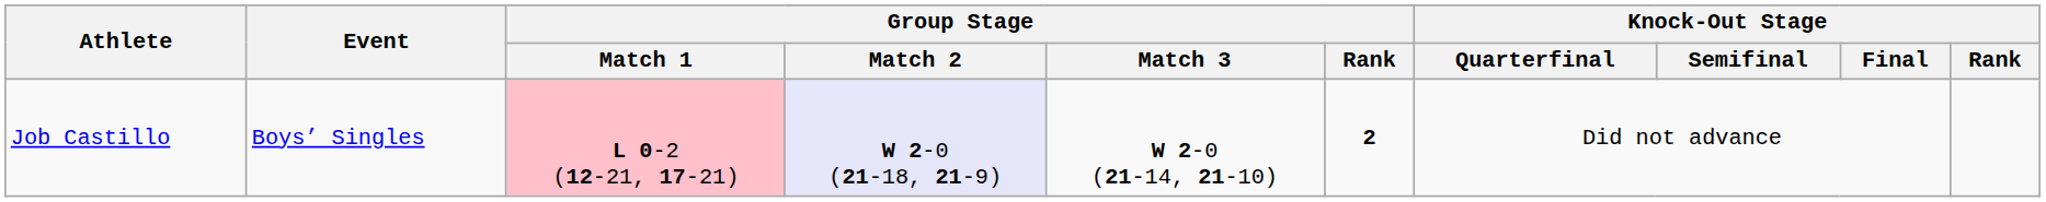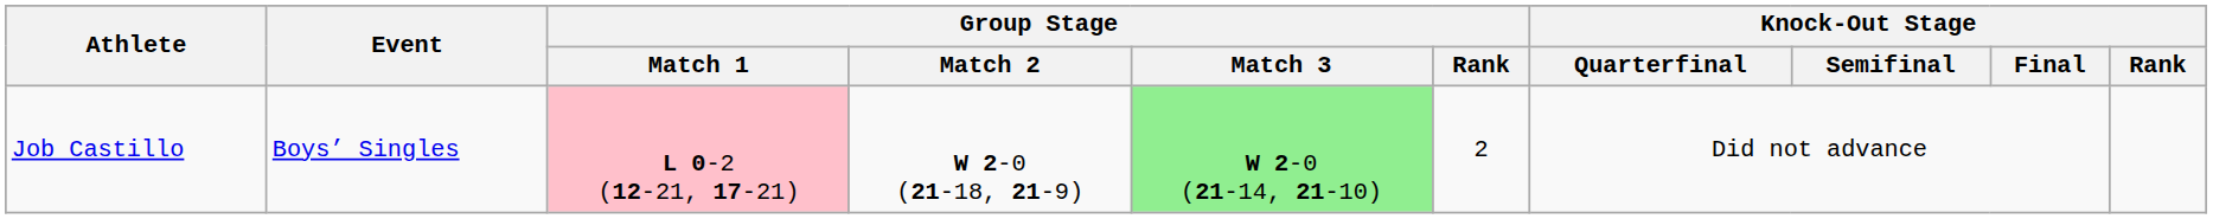 <table class="wikitable" width="85%" style="text-align:left; font-size:90%">
 <tr>
 <th rowspan=2>Athlete</th>
 <th rowspan=2>Event</th>
 <th colspan=4>Group Stage</th>
 <th colspan=4>Knock-Out Stage</th>
 </tr>
 <tr>
 <th>Match 1</th>
 <th>Match 2</th>
 <th>Match 3</th>
 <th>Rank</th>
 <th>Quarterfinal</th>
 <th>Semifinal</th>
 <th>Final</th>
 <th>Rank</th>
 </tr>
 <tr>
 <td><a href='#'>Job Castillo</a></td>
 <td><a href='#'>Boys’ Singles</a></td>
 <td align=center style="background: pink;"> <br><br><strong>L</strong> <strong>0</strong>-2 <br> (<strong>12</strong>-21, <strong>17</strong>-21)</td>
-<td align=center style="background: lavender;"> <br><br><strong>W</strong> <strong>2</strong>-0 <br> (<strong>21</strong>-18, <strong>21</strong>-9)</td>
-<td align=center> <br><br><strong>W</strong> <strong>2</strong>-0 <br> (<strong>21</strong>-14, <strong>21</strong>-10)</td>
-<td align=center><strong>2</strong></td>
+<td align=center> <br><br><strong>W</strong> <strong>2</strong>-0 <br> (<strong>21</strong>-18, <strong>21</strong>-9)</td>
+<td align=center style="background: lightgreen;"> <br><br><strong>W</strong> <strong>2</strong>-0 <br> (<strong>21</strong>-14, <strong>21</strong>-10)</td>
+<td align=center>2</td>
 <td colspan="3" align=center>Did not advance</td>
 <td align=center></td>
 </tr>
 </table>
